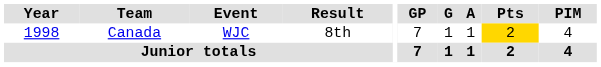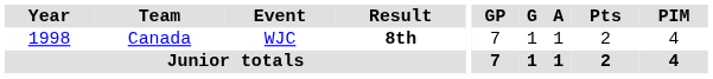 <table border="0" cellpadding="1" cellspacing="0" ID="Table3" style="text-align:center; width:40em">
 <tr ALIGN="center" bgcolor="#e0e0e0">
 <th>Year</th>
 <th>Team</th>
 <th>Event</th>
 <th>Result</th>
 <th rowspan="99" bgcolor="#ffffff"></th>
 <th>GP</th>
 <th>G</th>
 <th>A</th>
 <th>Pts</th>
 <th>PIM</th>
 </tr>
 <tr ALIGN="center">
 <td><a href='#'>1998</a></td>
 <td><a href='#'>Canada</a></td>
 <td><a href='#'>WJC</a></td>
-<td>8th</td>
+<td><strong>8th</strong></td>
 <td>7</td>
 <td>1</td>
 <td>1</td>
-<td style="background: gold;">2</td>
+<td>2</td>
 <td>4</td>
 </tr>
 <tr bgcolor="#e0e0e0">
 <th colspan="4">Junior totals</th>
 <th>7</th>
 <th>1</th>
 <th>1</th>
 <th>2</th>
 <th>4</th>
 </tr>
 </table>
